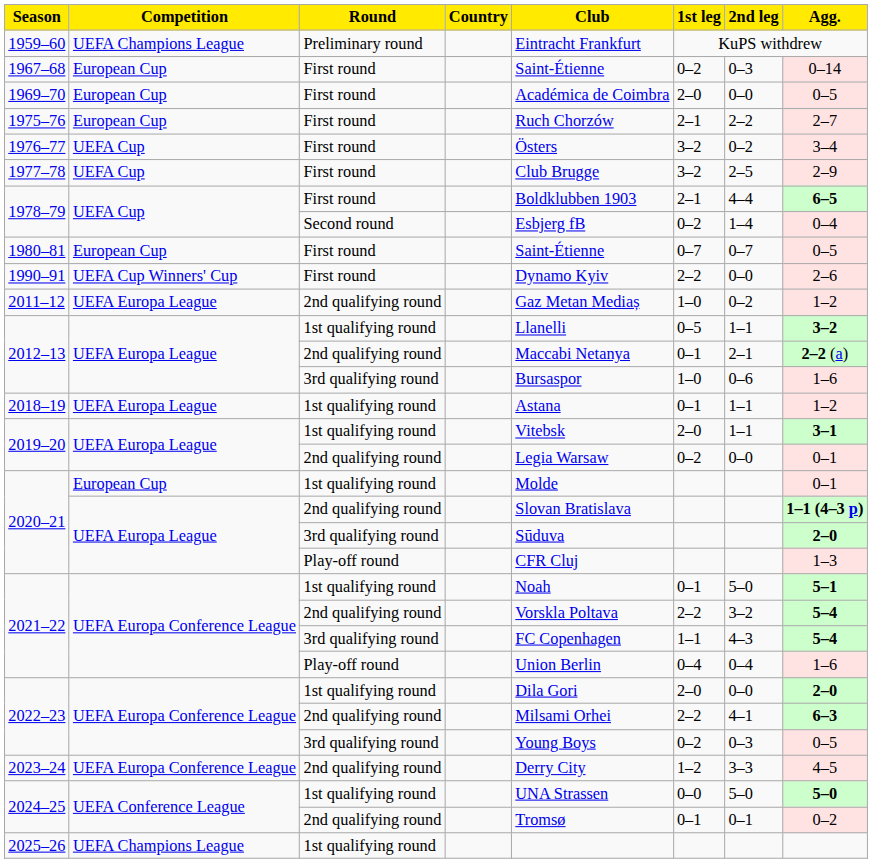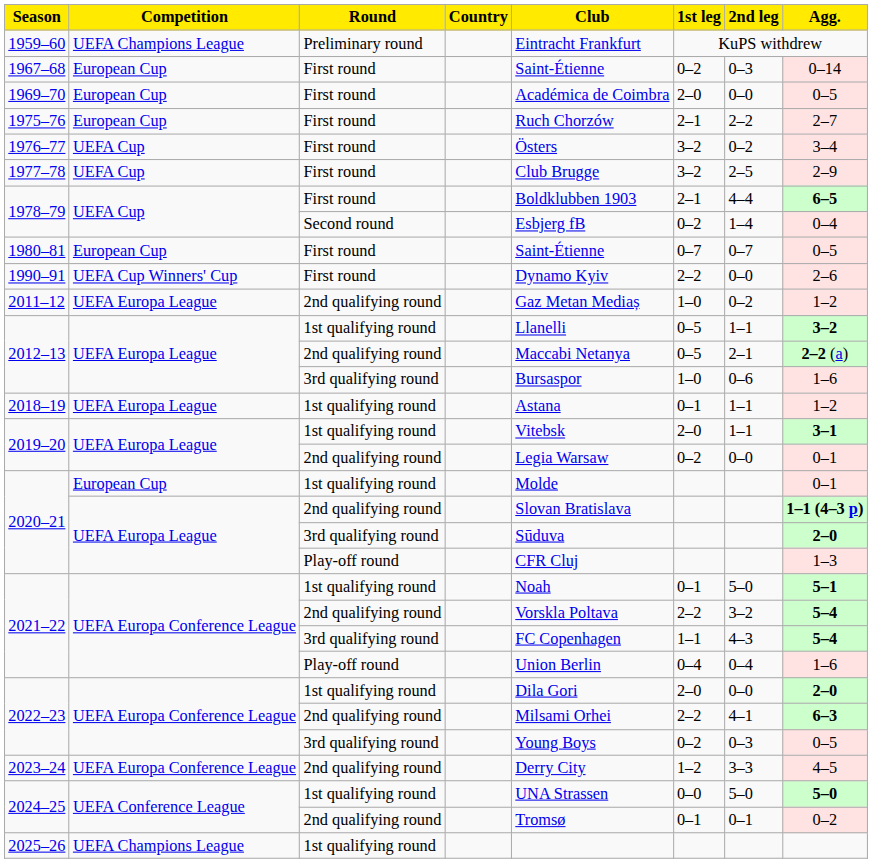 <table class="wikitable">
 <tr>
 <th style="color:black; background:#FFEA00;">Season</th>
 <th style="color:black; background:#FFEA00;">Competition</th>
 <th style="color:black; background:#FFEA00;">Round</th>
 <th style="color:black; background:#FFEA00;">Country</th>
 <th style="color:black; background:#FFEA00;">Club</th>
 <th style="color:black; background:#FFEA00;">1st leg</th>
 <th style="color:black; background:#FFEA00;">2nd leg</th>
 <th style="color:black; background:#FFEA00;">Agg.</th>
 </tr>
 <tr>
 <td rowspan="1"><a href='#'>1959–60</a></td>
 <td><a href='#'>UEFA Champions League</a></td>
 <td>Preliminary round</td>
 <td align="center"></td>
 <td><a href='#'>Eintracht Frankfurt</a></td>
 <td colspan=3 scope="row" style="text-align:center;">KuPS withdrew</td>
 </tr>
 <tr>
 <td rowspan="1"><a href='#'>1967–68</a></td>
 <td rowspan="1"><a href='#'>European Cup</a></td>
 <td>First round</td>
 <td align="center"></td>
 <td><a href='#'>Saint-Étienne</a></td>
 <td>0–2</td>
 <td>0–3</td>
 <td scope="row" style="text-align:center; background:#FFE3E3">0–14</td>
 </tr>
 <tr>
 <td rowspan="1"><a href='#'>1969–70</a></td>
 <td rowspan="1"><a href='#'>European Cup</a></td>
 <td>First round</td>
 <td align="center"></td>
 <td><a href='#'>Académica de Coimbra</a></td>
 <td>2–0</td>
 <td>0–0</td>
 <td scope="row" style="text-align:center; background:#FFE3E3">0–5</td>
 </tr>
 <tr>
 <td rowspan="1"><a href='#'>1975–76</a></td>
 <td rowspan="1"><a href='#'>European Cup</a></td>
 <td>First round</td>
 <td align="center"></td>
 <td><a href='#'>Ruch Chorzów</a></td>
 <td>2–1</td>
 <td>2–2</td>
 <td scope="row" style="text-align:center; background:#FFE3E3">2–7</td>
 </tr>
 <tr>
 <td rowspan="1"><a href='#'>1976–77</a></td>
 <td rowspan="1"><a href='#'>UEFA Cup</a></td>
 <td>First round</td>
 <td align="center"></td>
 <td><a href='#'>Östers</a></td>
 <td>3–2</td>
 <td>0–2</td>
 <td scope="row" style="text-align:center; background:#FFE3E3">3–4</td>
 </tr>
 <tr>
 <td rowspan="1"><a href='#'>1977–78</a></td>
 <td rowspan="1"><a href='#'>UEFA Cup</a></td>
 <td>First round</td>
 <td align="center"></td>
 <td><a href='#'>Club Brugge</a></td>
 <td>3–2</td>
 <td>2–5</td>
 <td scope="row" style="text-align:center; background:#FFE3E3">2–9</td>
 </tr>
 <tr>
 <td rowspan="2"><a href='#'>1978–79</a></td>
 <td rowspan="2"><a href='#'>UEFA Cup</a></td>
 <td>First round</td>
 <td align="center"></td>
 <td><a href='#'>Boldklubben 1903</a></td>
 <td>2–1</td>
 <td>4–4</td>
 <td scope="row" style="text-align:center; background:#CCFFCC"><strong>6–5</strong></td>
 </tr>
 <tr>
 <td>Second round</td>
 <td align="center"></td>
 <td><a href='#'>Esbjerg fB</a></td>
 <td>0–2</td>
 <td>1–4</td>
 <td scope="row" style="text-align:center; background:#FFE3E3">0–4</td>
 </tr>
 <tr>
 <td rowspan="1"><a href='#'>1980–81</a></td>
 <td rowspan="1"><a href='#'>European Cup</a></td>
 <td>First round</td>
 <td align="center"></td>
 <td><a href='#'>Saint-Étienne</a></td>
 <td>0–7</td>
 <td>0–7</td>
 <td scope="row" style="text-align:center; background:#FFE3E3">0–5</td>
 </tr>
 <tr>
 <td rowspan="1"><a href='#'>1990–91</a></td>
 <td rowspan="1"><a href='#'>UEFA Cup Winners' Cup</a></td>
 <td>First round</td>
 <td align="center"></td>
 <td><a href='#'>Dynamo Kyiv</a></td>
 <td>2–2</td>
 <td>0–0</td>
 <td scope="row" style="text-align:center; background:#FFE3E3">2–6</td>
 </tr>
 <tr>
 <td rowspan="1"><a href='#'>2011–12</a></td>
 <td rowspan="1"><a href='#'>UEFA Europa League</a></td>
 <td>2nd qualifying round</td>
 <td align="center"></td>
 <td><a href='#'>Gaz Metan Mediaș</a></td>
 <td>1–0</td>
 <td>0–2</td>
 <td scope="row" style="text-align:center; background:#FFE3E3">1–2</td>
 </tr>
 <tr>
 <td rowspan="3"><a href='#'>2012–13</a></td>
 <td rowspan="3"><a href='#'>UEFA Europa League</a></td>
 <td>1st qualifying round</td>
 <td align="center"></td>
 <td><a href='#'>Llanelli</a></td>
 <td>0–5</td>
 <td>1–1</td>
 <td scope="row" style="text-align:center; background:#CCFFCC"><strong>3–2</strong></td>
 </tr>
 <tr>
 <td>2nd qualifying round</td>
 <td align="center"></td>
 <td><a href='#'>Maccabi Netanya</a></td>
-<td>0–1</td>
+<td>0–5</td>
 <td>2–1</td>
 <td scope="row" style="text-align:center; background:#CCFFCC"><strong>2–2</strong> (<a href='#'>a</a>)</td>
 </tr>
 <tr>
 <td>3rd qualifying round</td>
 <td align="center"></td>
 <td><a href='#'>Bursaspor</a></td>
 <td>1–0</td>
 <td>0–6</td>
 <td scope="row" style="text-align:center; background:#FFE3E3">1–6</td>
 </tr>
 <tr>
 <td rowspan="1"><a href='#'>2018–19</a></td>
 <td rowspan="1"><a href='#'>UEFA Europa League</a></td>
 <td>1st qualifying round</td>
 <td align="center"></td>
 <td><a href='#'>Astana</a></td>
 <td>0–1</td>
 <td>1–1</td>
 <td scope="row" style="text-align:center; background:#FFE3E3">1–2</td>
 </tr>
 <tr>
 <td rowspan="2"><a href='#'>2019–20</a></td>
 <td rowspan="2"><a href='#'>UEFA Europa League</a></td>
 <td>1st qualifying round</td>
 <td align="center"></td>
 <td><a href='#'>Vitebsk</a></td>
 <td>2–0</td>
 <td>1–1</td>
 <td scope="row" style="text-align:center; background:#CCFFCC"><strong>3–1</strong></td>
 </tr>
 <tr>
 <td>2nd qualifying round</td>
 <td align="center"></td>
 <td><a href='#'>Legia Warsaw</a></td>
 <td>0–2</td>
 <td>0–0</td>
 <td scope="row" style="text-align:center; background:#FFE3E3">0–1</td>
 </tr>
 <tr>
 <td rowspan="4"><a href='#'>2020–21</a></td>
 <td rowspan="1"><a href='#'>European Cup</a></td>
 <td>1st qualifying round</td>
 <td align="center"></td>
 <td><a href='#'>Molde</a></td>
 <td></td>
 <td></td>
 <td scope="row" style="text-align:center; background:#FFE3E3">0–1</td>
 </tr>
 <tr>
 <td rowspan="3"><a href='#'>UEFA Europa League</a></td>
 <td>2nd qualifying round</td>
 <td align="center"></td>
 <td><a href='#'>Slovan Bratislava</a></td>
 <td></td>
 <td></td>
 <td scope="row" style="text-align:center; background:#CCFFCC"><strong>1–1 (4–3 <a href='#'>p</a>)</strong></td>
 </tr>
 <tr>
 <td>3rd qualifying round</td>
 <td align="center"></td>
 <td><a href='#'>Sūduva</a></td>
 <td></td>
 <td></td>
 <td scope="row" style="text-align:center; background:#CCFFCC"><strong>2–0</strong></td>
 </tr>
 <tr>
 <td>Play-off round</td>
 <td align="center"></td>
 <td><a href='#'>CFR Cluj</a></td>
 <td></td>
 <td></td>
 <td scope="row" style="text-align:center; background:#FFE3E3">1–3</td>
 </tr>
 <tr>
 <td rowspan="4"><a href='#'>2021–22</a></td>
 <td rowspan="4"><a href='#'>UEFA Europa Conference League</a></td>
 <td>1st qualifying round</td>
 <td align="center"></td>
 <td><a href='#'>Noah</a></td>
 <td>0–1</td>
 <td>5–0</td>
 <td scope="row" style="text-align:center; background:#CCFFCC"><strong>5–1</strong></td>
 </tr>
 <tr>
 <td>2nd qualifying round</td>
 <td align="center"></td>
 <td><a href='#'>Vorskla Poltava</a></td>
 <td>2–2</td>
 <td>3–2</td>
 <td scope="row" style="text-align:center; background:#CCFFCC"><strong>5–4</strong></td>
 </tr>
 <tr>
 <td>3rd qualifying round</td>
 <td align="center"></td>
 <td><a href='#'>FC Copenhagen</a></td>
 <td>1–1</td>
 <td>4–3</td>
 <td scope="row" style="text-align:center; background:#CCFFCC"><strong>5–4</strong></td>
 </tr>
 <tr>
 <td>Play-off round</td>
 <td align="center"></td>
 <td><a href='#'>Union Berlin</a></td>
 <td>0–4</td>
 <td>0–4</td>
 <td scope="row" style="text-align:center; background:#FFE3E3">1–6</td>
 </tr>
 <tr>
 <td rowspan=3><a href='#'>2022–23</a></td>
 <td rowspan=3><a href='#'>UEFA Europa Conference League</a></td>
 <td>1st qualifying round</td>
 <td align="center"></td>
 <td><a href='#'>Dila Gori</a></td>
 <td>2–0</td>
 <td>0–0</td>
 <td scope="row" style="text-align:center; background:#CCFFCC"><strong>2–0</strong></td>
 </tr>
 <tr>
 <td>2nd qualifying round</td>
 <td align="center"></td>
 <td><a href='#'>Milsami Orhei</a></td>
 <td>2–2</td>
 <td>4–1</td>
 <td scope="row" style="text-align:center; background:#CCFFCC"><strong>6–3</strong></td>
 </tr>
 <tr>
 <td>3rd qualifying round</td>
 <td align="center"></td>
 <td><a href='#'>Young Boys</a></td>
 <td>0–2</td>
 <td>0–3</td>
 <td scope="row" style="text-align:center; background:#FFE3E3">0–5</td>
 </tr>
 <tr>
 <td rowspan=1><a href='#'>2023–24</a></td>
 <td rowspan=1><a href='#'>UEFA Europa Conference League</a></td>
 <td>2nd qualifying round</td>
 <td align="center"></td>
 <td><a href='#'>Derry City</a></td>
 <td>1–2</td>
 <td>3–3</td>
 <td scope="row" style="text-align:center; background:#FFE3E3">4–5</td>
 </tr>
 <tr>
 <td rowspan=2><a href='#'>2024–25</a></td>
 <td rowspan=2><a href='#'>UEFA Conference League</a></td>
 <td>1st qualifying round</td>
 <td align="center"></td>
 <td><a href='#'>UNA Strassen</a></td>
 <td>0–0</td>
 <td>5–0</td>
 <td scope="row" style="text-align:center; background:#CCFFCC"><strong>5–0</strong></td>
 </tr>
 <tr>
 <td>2nd qualifying round</td>
 <td align="center"></td>
 <td><a href='#'>Tromsø</a></td>
 <td>0–1</td>
 <td>0–1</td>
 <td scope="row" style="text-align:center; background:#FFE3E3">0–2</td>
 </tr>
 <tr>
 <td><a href='#'>2025–26</a></td>
 <td><a href='#'>UEFA Champions League</a></td>
 <td>1st qualifying round</td>
 <td align="center"></td>
 <td></td>
 <td></td>
 <td></td>
 <td></td>
 </tr>
 </table>
